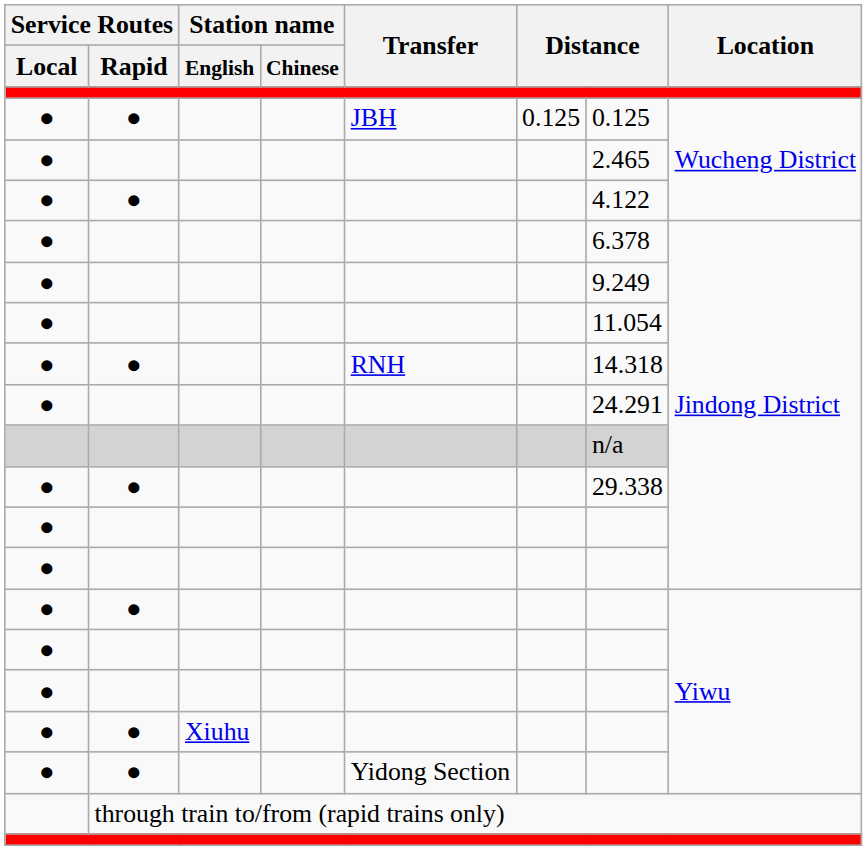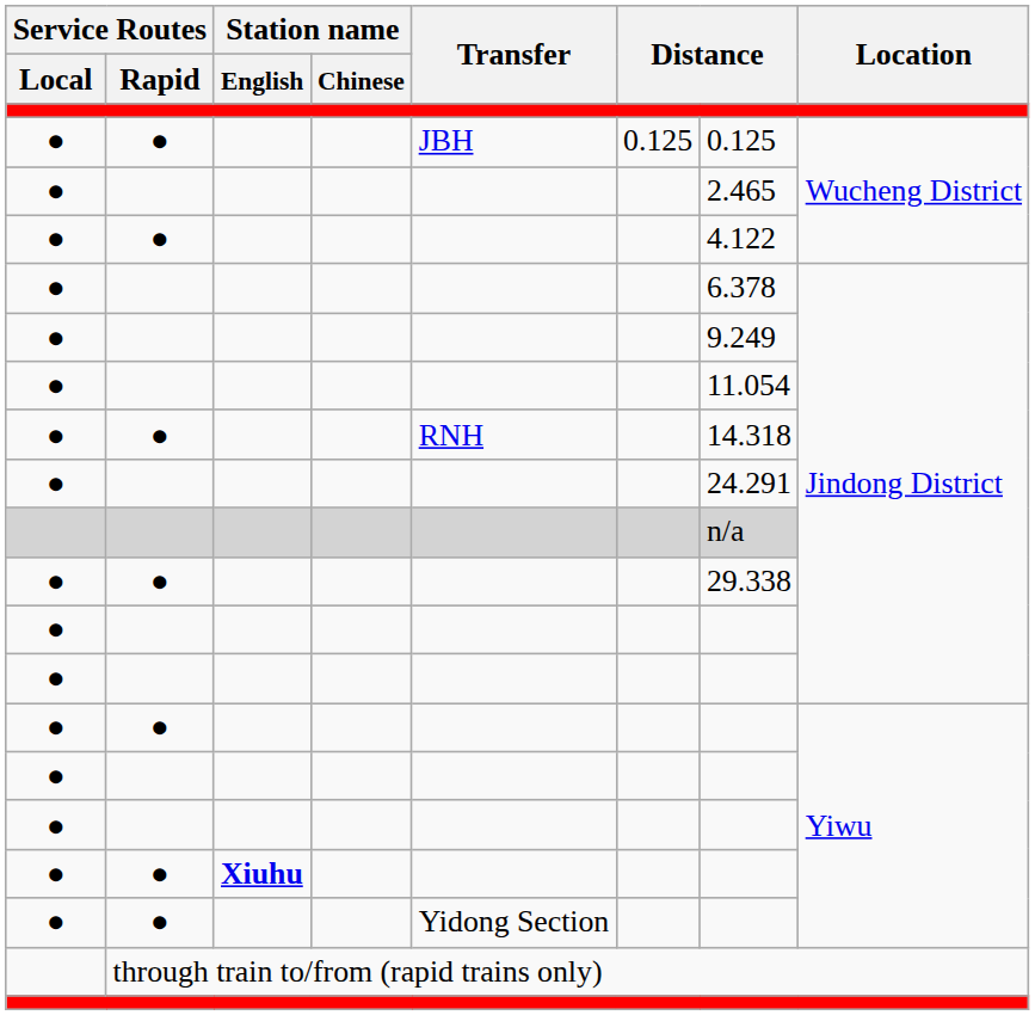 <table class="wikitable">
 <tr>
 <th colspan="2">Service Routes</th>
 <th colspan="2">Station name</th>
 <th rowspan=2>Transfer</th>
 <th colspan="2" rowspan="2">Distance<br></th>
 <th rowspan=2>Location</th>
 </tr>
 <tr>
 <th>Local</th>
 <th>Rapid</th>
 <th><small>English</small></th>
 <th><small>Chinese</small></th>
 </tr>
 <tr style = "background:#FF0000; height: 2pt">
 <td colspan="8"></td>
 </tr>
 <tr>
 <td align="center">●</td>
 <td align="center">●</td>
 <td></td>
 <td></td>
 <td> <a href='#'>JBH</a></td>
 <td>0.125</td>
 <td>0.125</td>
 <td rowspan="3"><a href='#'>Wucheng District</a></td>
 </tr>
 <tr>
 <td align="center">●</td>
 <td align="center"></td>
 <td></td>
 <td></td>
 <td></td>
 <td></td>
 <td>2.465</td>
 </tr>
 <tr>
 <td align="center">●</td>
 <td align="center">●</td>
 <td></td>
 <td></td>
 <td></td>
 <td></td>
 <td>4.122</td>
 </tr>
 <tr>
 <td align="center">●</td>
 <td align="center"></td>
 <td></td>
 <td></td>
 <td></td>
 <td></td>
 <td>6.378</td>
 <td rowspan="9"><a href='#'>Jindong District</a></td>
 </tr>
 <tr>
 <td align="center">●</td>
 <td align="center"></td>
 <td></td>
 <td></td>
 <td></td>
 <td></td>
 <td>9.249</td>
 </tr>
 <tr>
 <td align="center">●</td>
 <td align="center"></td>
 <td></td>
 <td></td>
 <td></td>
 <td></td>
 <td>11.054</td>
 </tr>
 <tr>
 <td align="center">●</td>
 <td align="center">●</td>
 <td></td>
 <td></td>
 <td> <a href='#'>RNH</a></td>
 <td></td>
 <td>14.318</td>
 </tr>
 <tr>
 <td align="center">●</td>
 <td align="center"></td>
 <td></td>
 <td></td>
 <td></td>
 <td></td>
 <td>24.291</td>
 </tr>
 <tr bgcolor="lightgrey">
 <td align="center"></td>
 <td align="center"></td>
 <td><em></em></td>
 <td></td>
 <td></td>
 <td></td>
 <td>n/a</td>
 </tr>
 <tr>
 <td align="center">●</td>
 <td align="center">●</td>
 <td></td>
 <td></td>
 <td></td>
 <td></td>
 <td>29.338</td>
 </tr>
 <tr>
 <td align="center">●</td>
 <td align="center"></td>
 <td></td>
 <td></td>
 <td></td>
 <td></td>
 <td></td>
 </tr>
 <tr>
 <td align="center">●</td>
 <td align="center"></td>
 <td></td>
 <td></td>
 <td></td>
 <td></td>
 <td></td>
 </tr>
 <tr>
 <td align="center">●</td>
 <td align="center">●</td>
 <td></td>
 <td></td>
 <td></td>
 <td></td>
 <td></td>
 <td rowspan="5"><a href='#'>Yiwu</a></td>
 </tr>
 <tr>
 <td align="center">●</td>
 <td align="center"></td>
 <td></td>
 <td></td>
 <td></td>
 <td></td>
 <td></td>
 </tr>
 <tr>
 <td align="center">●</td>
 <td align="center"></td>
 <td></td>
 <td></td>
 <td></td>
 <td></td>
 <td></td>
 </tr>
 <tr>
 <td align="center">●</td>
 <td align="center">●</td>
-<td><a href='#'>Xiuhu</a></td>
+<td><strong><a href='#'>Xiuhu</a></strong></td>
 <td></td>
 <td></td>
 <td></td>
 <td></td>
 </tr>
 <tr>
 <td align="center">●</td>
 <td align="center">●</td>
 <td></td>
 <td></td>
 <td>Yidong Section</td>
 <td></td>
 <td></td>
 </tr>
 <tr>
 <td></td>
 <td colspan="7">through train to/from  (rapid trains only)</td>
 </tr>
 <tr style = "background:#FF0000; height: 2pt">
 <td colspan="8"></td>
 </tr>
 </table>
